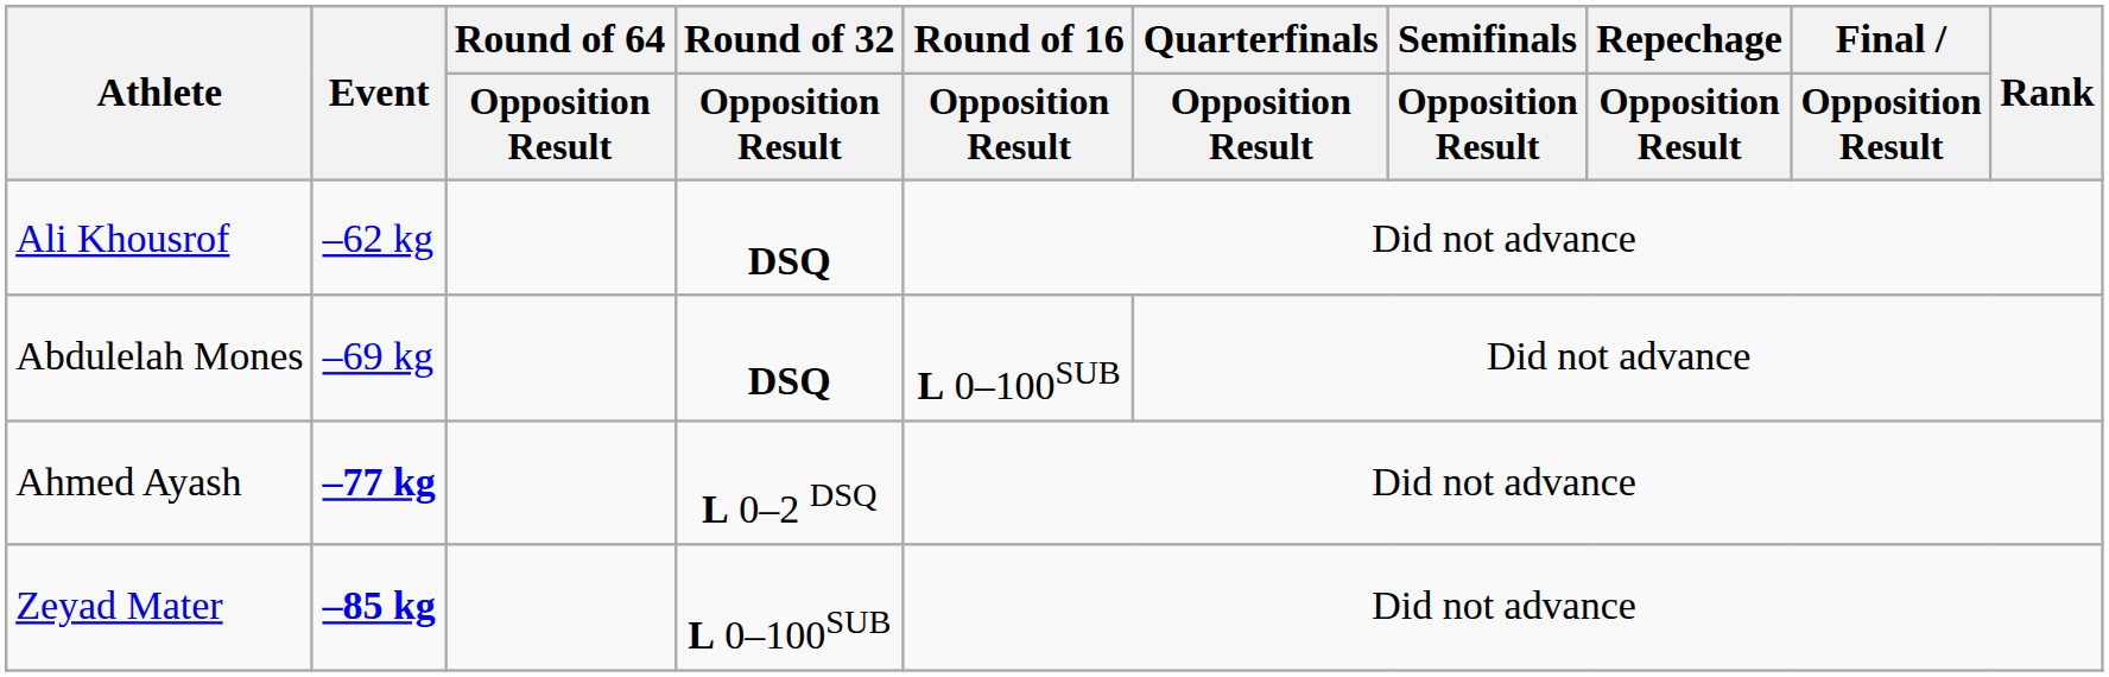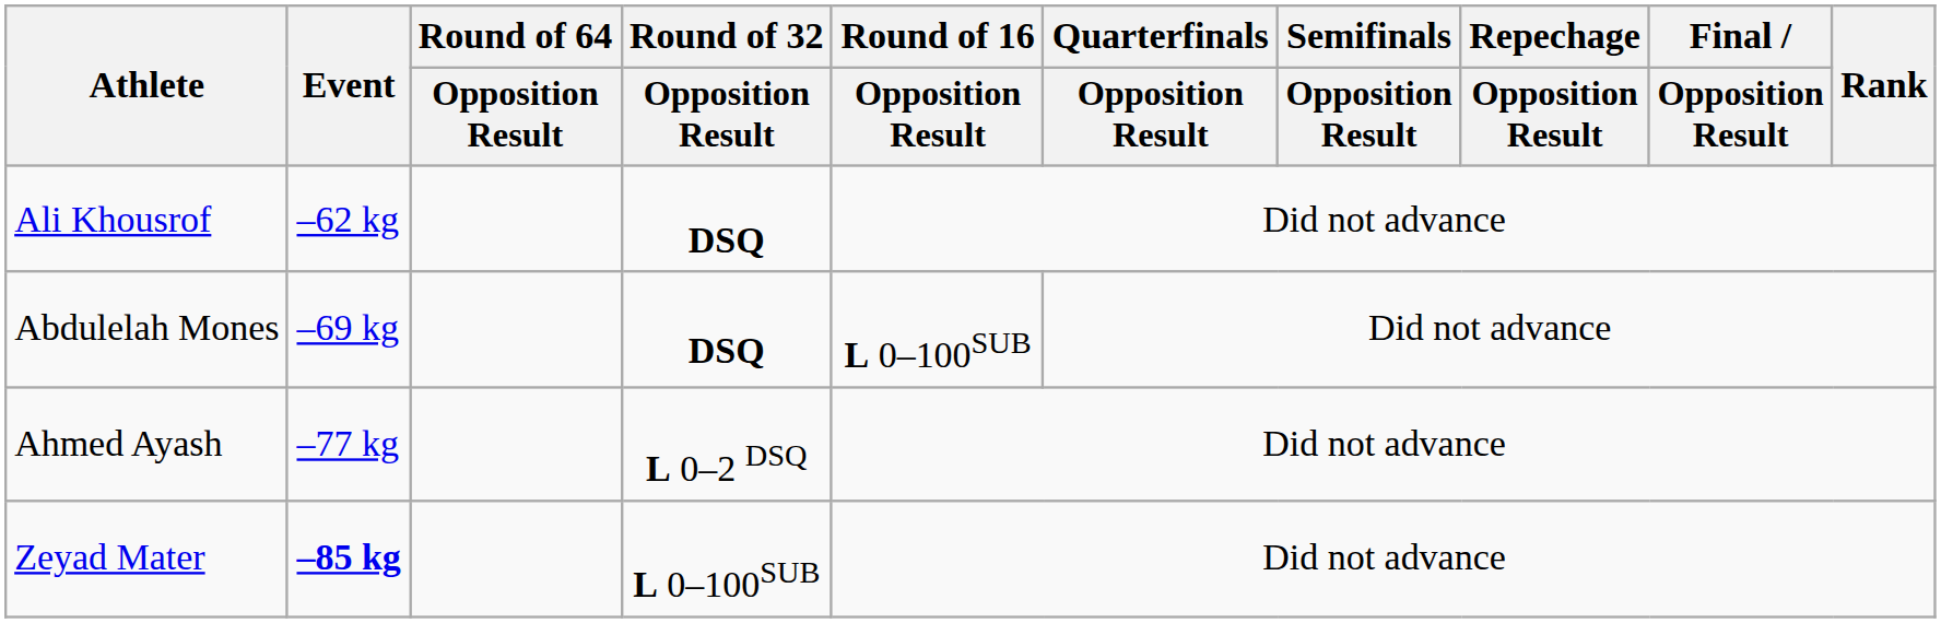 <table class=wikitable style=font-size:90%;text-align:center>
 <tr>
 <th rowspan="2">Athlete</th>
 <th rowspan="2">Event</th>
 <th>Round of 64</th>
 <th>Round of 32</th>
 <th>Round of 16</th>
 <th>Quarterfinals</th>
 <th>Semifinals</th>
 <th>Repechage</th>
 <th>Final / </th>
 <th rowspan=2>Rank</th>
 </tr>
 <tr style="font-size:95%">
 <th>Opposition<br>Result</th>
 <th>Opposition<br>Result</th>
 <th>Opposition<br>Result</th>
 <th>Opposition<br>Result</th>
 <th>Opposition<br>Result</th>
 <th>Opposition<br>Result</th>
 <th>Opposition<br>Result</th>
 </tr>
 <tr>
 <td align=left><a href='#'>Ali Khousrof</a></td>
 <td align=left><a href='#'>–62 kg</a></td>
 <td></td>
 <td><br><strong>DSQ</strong></td>
 <td colspan=6>Did not advance</td>
 </tr>
 <tr>
 <td align=left>Abdulelah Mones</td>
 <td align=left><a href='#'>–69 kg</a></td>
 <td></td>
 <td><br><strong>DSQ</strong></td>
 <td><br><strong>L</strong> 0–100<sup>SUB</sup></td>
 <td colspan=5>Did not advance</td>
 </tr>
 <tr>
 <td align=left>Ahmed Ayash</td>
-<td align=left><strong><a href='#'>–77 kg</a></strong></td>
+<td align=left><a href='#'>–77 kg</a></td>
 <td></td>
 <td><br><strong>L</strong> 0–2 <sup>DSQ</sup></td>
 <td colspan=6>Did not advance</td>
 </tr>
 <tr>
 <td align=left><a href='#'>Zeyad Mater</a></td>
 <td align=left><strong><a href='#'>–85 kg</a></strong></td>
 <td></td>
 <td><br><strong>L</strong> 0–100<sup>SUB</sup></td>
 <td colspan=6>Did not advance</td>
 </tr>
 </table>
